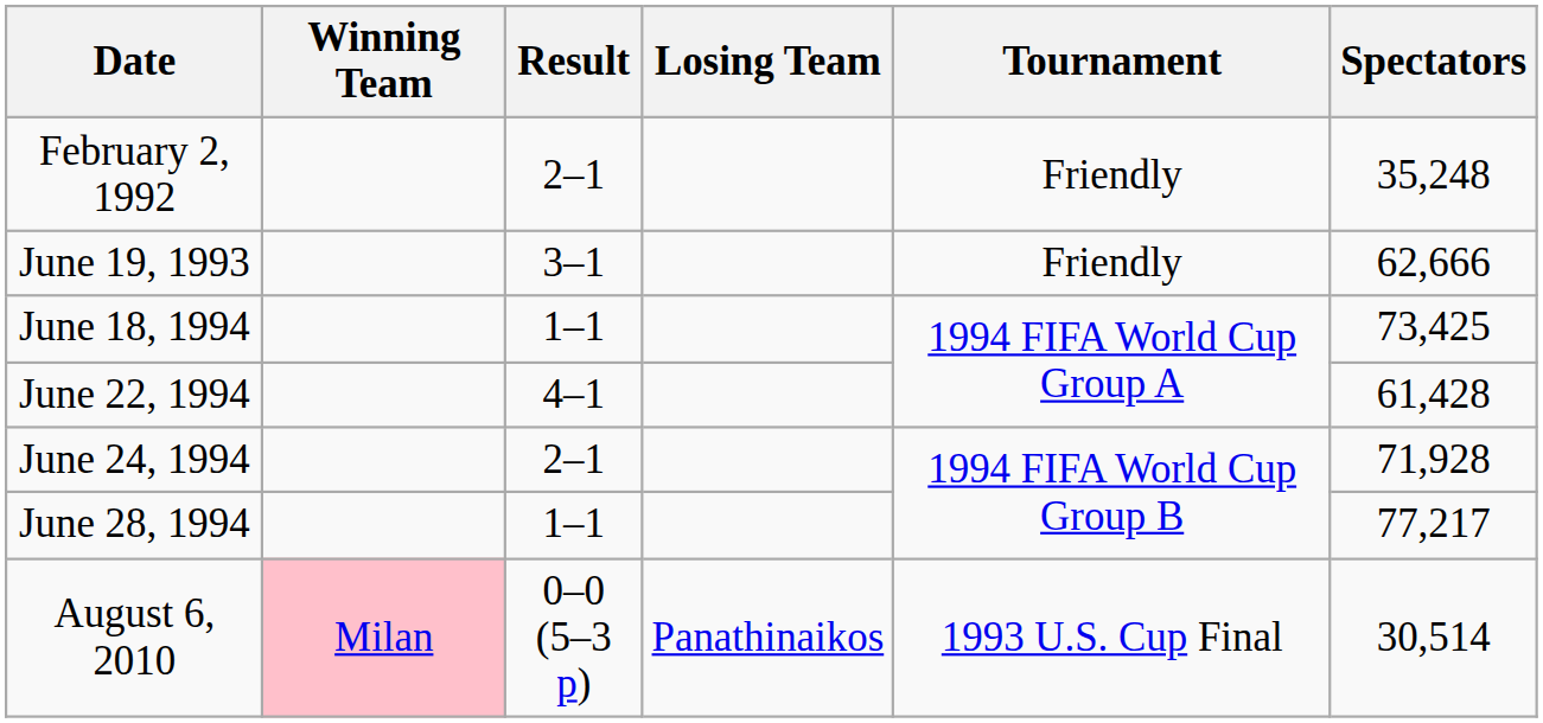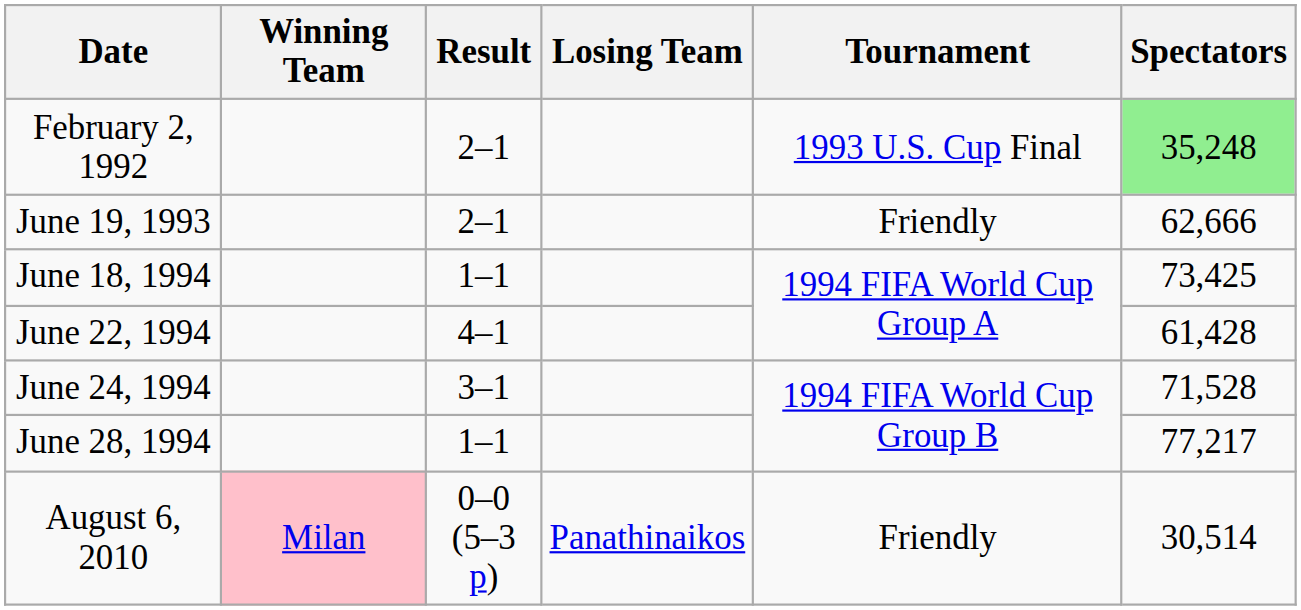 <table class="wikitable"  style="text-align:left; width:95%; text-align:center;">
 <tr>
 <th style="text-align:center; ">Date</th>
 <th style="text-align:center; ">Winning Team</th>
 <th style="text-align:center; ">Result</th>
 <th style="text-align:center; ">Losing Team</th>
 <th style="text-align:center; ">Tournament</th>
 <th style="text-align:center; ">Spectators</th>
 </tr>
 <tr>
 <td style="text-align:center;">February 2, 1992</td>
 <td><strong></strong></td>
 <td style="text-align:center;">2–1</td>
 <td></td>
-<td>Friendly</td>
-<td style="text-align:center;">35,248</td>
+<td><a href='#'>1993 U.S. Cup</a> Final</td>
+<td style="background: lightgreen; text-align:center;">35,248</td>
 </tr>
 <tr>
 <td style="text-align:center;">June 19, 1993</td>
 <td><strong></strong></td>
-<td style="text-align:center;">3–1</td>
+<td style="text-align:center;">2–1</td>
 <td></td>
 <td>Friendly</td>
 <td style="text-align:center;">62,666</td>
 </tr>
 <tr>
 <td style="text-align:center;">June 18, 1994</td>
 <td></td>
 <td style="text-align:center;">1–1</td>
 <td></td>
 <td style="text-align:center;" rowspan=2><a href='#'>1994 FIFA World Cup Group A</a></td>
 <td style="text-align:center;">73,425</td>
 </tr>
 <tr>
 <td style="text-align:center;">June 22, 1994</td>
 <td><strong></strong></td>
 <td style="text-align:center;">4–1</td>
 <td></td>
 <td style="text-align:center;">61,428</td>
 </tr>
 <tr>
 <td style="text-align:center;">June 24, 1994</td>
 <td><strong></strong></td>
-<td style="text-align:center;">2–1</td>
+<td style="text-align:center;">3–1</td>
 <td></td>
 <td style="text-align:center;" rowspan=2><a href='#'>1994 FIFA World Cup Group B</a></td>
-<td style="text-align:center;">71,928</td>
+<td style="text-align:center;">71,528</td>
 </tr>
 <tr>
 <td style="text-align:center;">June 28, 1994</td>
 <td></td>
 <td style="text-align:center;">1–1</td>
 <td></td>
 <td style="text-align:center;">77,217</td>
 </tr>
 <tr>
 <td style="text-align:center;">August 6, 2010</td>
 <td style="background: pink;"> <a href='#'>Milan</a></td>
 <td style="text-align:center;">0–0<br>(5–3 <a href='#'>p</a>)</td>
 <td> <a href='#'>Panathinaikos</a></td>
-<td><a href='#'>1993 U.S. Cup</a> Final</td>
+<td style="text-align:center;">Friendly</td>
 <td style="text-align:center;">30,514</td>
 </tr>
 </table>
